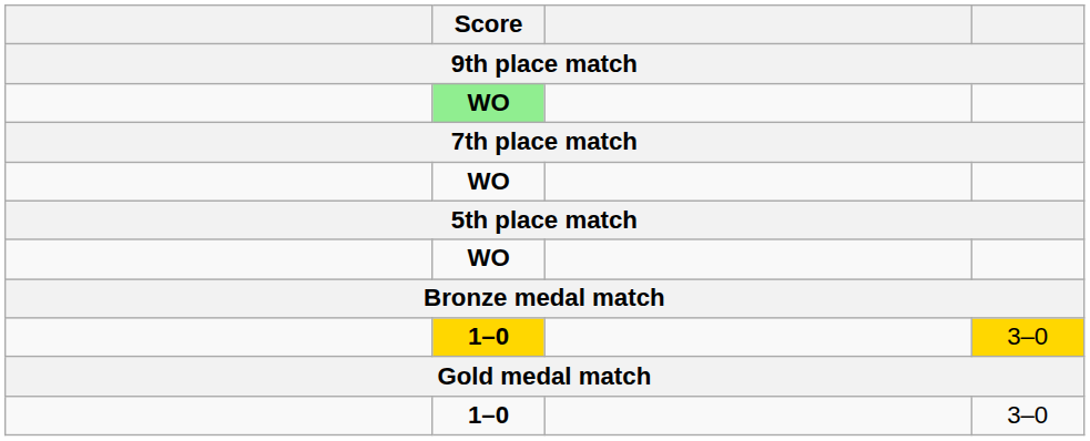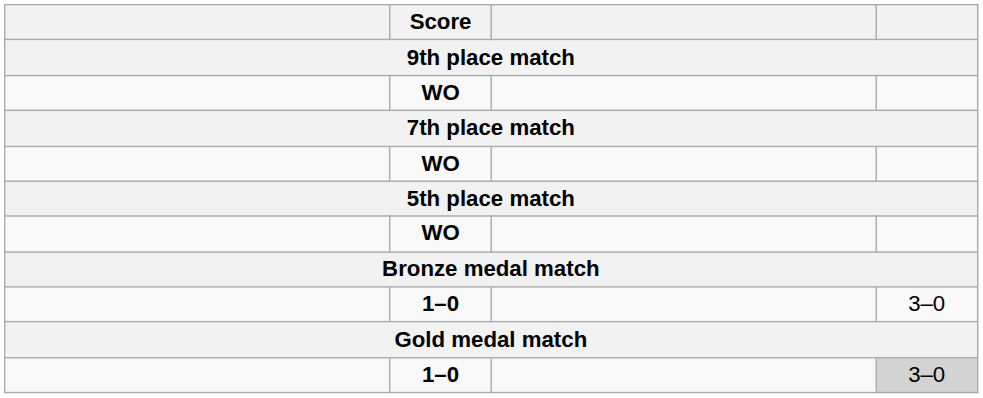 <table class="wikitable" style="text-align: center; ">
 <tr>
 <th align="right" width="270"></th>
 <th width="65">Score</th>
 <th align="left" width="270"></th>
 <th width="65"></th>
 </tr>
 <tr>
 <th colspan="4">9th place match</th>
 </tr>
 <tr>
 <td align="left"><strong></strong></td>
-<td style="background: lightgreen;"><strong>WO</strong></td>
+<td><strong>WO</strong></td>
 <td align="left"></td>
 <td></td>
 </tr>
 <tr>
 <th colspan="5">7th place match</th>
 </tr>
 <tr>
 <td align="left"><strong></strong></td>
 <td><strong>WO</strong></td>
 <td align="left"></td>
 <td></td>
 </tr>
 <tr>
 <th colspan="5">5th place match</th>
 </tr>
 <tr>
 <td align="left"></td>
 <td><strong>WO</strong></td>
 <td align="left"><strong></strong></td>
 <td></td>
 </tr>
 <tr>
 <th colspan="5">Bronze medal match</th>
 </tr>
 <tr>
 <td align="left"><strong></strong></td>
-<td style="background: gold;"><strong>1–0</strong></td>
+<td><strong>1–0</strong></td>
 <td align="left"></td>
-<td style="background: gold;">3–0 <strong></strong></td>
+<td>3–0 <strong></strong></td>
 </tr>
 <tr>
 <th colspan="5">Gold medal match</th>
 </tr>
 <tr>
 <td align="left"><strong></strong></td>
 <td><strong>1–0</strong></td>
 <td align="left"></td>
-<td>3–0 <strong></strong></td>
+<td style="background: lightgrey;">3–0 <strong></strong></td>
 </tr>
 </table>
